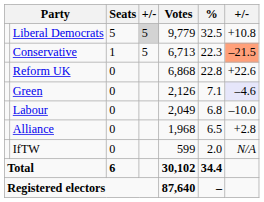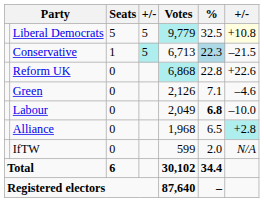 <table class="wikitable sortable">
 <tr>
 <th colspan="2">Party</th>
 <th>Seats</th>
 <th>+/-</th>
 <th>Votes</th>
 <th>%</th>
 <th>+/-</th>
 </tr>
 <tr>
 <td style="background-color: "></td>
 <td><a href='#'>Liberal Democrats</a></td>
 <td>5</td>
-<td style="background: lightgrey;"> 5</td>
-<td style="text-align:right;">9,779</td>
+<td> 5</td>
+<td style="background: paleturquoise; text-align:right;">9,779</td>
 <td style="text-align:right;">32.5</td>
-<td style="text-align:right;">+10.8</td>
+<td style="background: lightyellow; text-align:right;">+10.8</td>
 </tr>
 <tr>
 <td style="background-color: "></td>
 <td><a href='#'>Conservative</a></td>
 <td>1</td>
-<td> 5</td>
+<td style="background: paleturquoise;"> 5</td>
 <td style="text-align:right;">6,713</td>
-<td style="text-align:right;">22.3</td>
-<td style="background: lightsalmon; text-align:right;">–21.5</td>
+<td style="background: lightblue; text-align:right;">22.3</td>
+<td style="text-align:right;">–21.5</td>
 </tr>
 <tr>
 <td style="background-color: "></td>
 <td><a href='#'>Reform UK</a></td>
 <td>0</td>
 <td></td>
-<td style="text-align:right;">6,868</td>
+<td style="background: paleturquoise; text-align:right;">6,868</td>
 <td style="text-align:right;">22.8</td>
 <td style="text-align:right;">+22.6</td>
 </tr>
 <tr>
 <td style="background-color: "></td>
 <td><a href='#'>Green</a></td>
 <td>0</td>
 <td></td>
 <td style="text-align:right;">2,126</td>
 <td style="text-align:right;">7.1</td>
-<td style="background: lavender; text-align:right;">–4.6</td>
+<td style="text-align:right;">–4.6</td>
 </tr>
 <tr>
 <td style="background-color: "></td>
 <td><a href='#'>Labour</a></td>
 <td>0</td>
 <td></td>
 <td style="text-align:right;">2,049</td>
-<td style="text-align:right;">6.8</td>
+<td style="text-align:right;"><strong>6.8</strong></td>
 <td style="text-align:right;">–10.0</td>
 </tr>
 <tr>
 <td style="background-color: "></td>
 <td><a href='#'>Alliance</a></td>
 <td>0</td>
 <td></td>
 <td style="text-align:right;">1,968</td>
 <td style="text-align:right;">6.5</td>
-<td style="text-align:right;">+2.8</td>
+<td style="background: paleturquoise; text-align:right;">+2.8</td>
 </tr>
 <tr>
 <td style="background-color: "></td>
 <td>IfTW</td>
 <td>0</td>
 <td></td>
 <td style="text-align:right;">599</td>
 <td style="text-align:right;">2.0</td>
 <td style="text-align:right;"><em>N/A</em></td>
 </tr>
 <tr>
 <td colspan="2"><strong>Total</strong></td>
 <td><strong>6</strong></td>
 <td></td>
 <td style="text-align:right;"><strong>30,102</strong></td>
 <td style="text-align:right;"><strong>34.4</strong></td>
 <td style="text-align:right;"></td>
 </tr>
 <tr>
 <td colspan="4"><strong>Registered electors</strong></td>
 <td style="text-align:right;"><strong>87,640</strong></td>
 <td style="text-align:right;"><strong>–</strong></td>
 <td style="text-align:right;"></td>
 </tr>
 </table>
